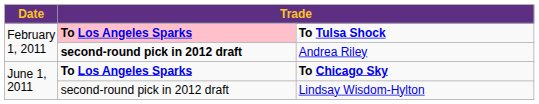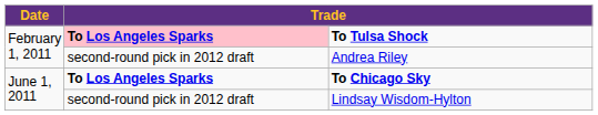 <table class="wikitable" style="width:80%">
 <tr>
 <th style="background:#5c2f83;color:#FFC322; width=125">Date</th>
 <th style="background:#5c2f83;color:#FFC322;" colspan=2>Trade</th>
 </tr>
 <tr>
 <td rowspan=2>February 1, 2011</td>
 <td width=375 style="background: pink;"><strong>To <a href='#'>Los Angeles Sparks</a></strong></td>
 <td width=375><strong>To <a href='#'>Tulsa Shock</a></strong></td>
 </tr>
 <tr>
-<td><strong>second-round pick in 2012 draft</strong></td>
+<td>second-round pick in 2012 draft</td>
 <td><a href='#'>Andrea Riley</a></td>
 </tr>
 <tr>
 <td rowspan=2>June 1, 2011</td>
 <td width=375><strong>To <a href='#'>Los Angeles Sparks</a></strong></td>
 <td width=375><strong>To <a href='#'>Chicago Sky</a></strong></td>
 </tr>
 <tr>
 <td>second-round pick in 2012 draft</td>
 <td><a href='#'>Lindsay Wisdom-Hylton</a></td>
 </tr>
 </table>
